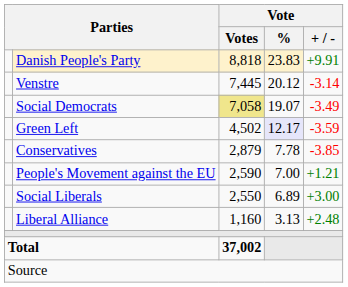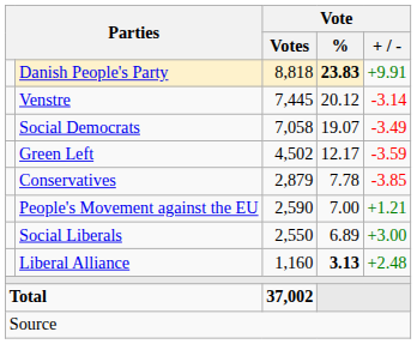 <table class="wikitable" style="text-align:right;">
 <tr>
 <th style="text-align:centre;" rowspan="2" colspan="2" width="225">Parties</th>
 <th colspan="3">Vote</th>
 </tr>
 <tr>
 <th width="15">Votes</th>
 <th width="15">%</th>
 <th width="15">+ / -</th>
 </tr>
 <tr>
 <td width="2" style="color:inherit;background:"></td>
 <td bgcolor=#fef2cc   align="left"><a href='#'>Danish People's Party</a></td>
 <td bgcolor=#fef2cc>8,818</td>
-<td bgcolor=#fef2cc>23.83</td>
+<td bgcolor=#fef2cc><strong>23.83</strong></td>
 <td style=color:green;>+9.91</td>
 </tr>
 <tr>
 <td width="2" style="color:inherit;background:"></td>
 <td align="left"><a href='#'>Venstre</a></td>
 <td>7,445</td>
 <td>20.12</td>
 <td style=color:red;>-3.14</td>
 </tr>
 <tr>
 <td width="2" style="color:inherit;background:"></td>
 <td align="left"><a href='#'>Social Democrats</a></td>
-<td style="background: khaki;">7,058</td>
+<td>7,058</td>
 <td>19.07</td>
 <td style=color:red;>-3.49</td>
 </tr>
 <tr>
 <td width="2" style="color:inherit;background:"></td>
 <td align="left"><a href='#'>Green Left</a></td>
 <td>4,502</td>
-<td style="background: lavender;">12.17</td>
+<td>12.17</td>
 <td style=color:red;>-3.59</td>
 </tr>
 <tr>
 <td width="2" style="color:inherit;background:"></td>
 <td align="left"><a href='#'>Conservatives</a></td>
 <td>2,879</td>
 <td>7.78</td>
 <td style=color:red;>-3.85</td>
 </tr>
 <tr>
 <td width="2" style="color:inherit;background:"></td>
 <td align="left"><a href='#'>People's Movement against the EU</a></td>
 <td>2,590</td>
 <td>7.00</td>
 <td style=color:green;>+1.21</td>
 </tr>
 <tr>
 <td width="2" style="color:inherit;background:"></td>
 <td align="left"><a href='#'>Social Liberals</a></td>
 <td>2,550</td>
 <td>6.89</td>
 <td style=color:green;>+3.00</td>
 </tr>
 <tr>
 <td width="2" style="color:inherit;background:"></td>
 <td align="left"><a href='#'>Liberal Alliance</a></td>
 <td>1,160</td>
-<td>3.13</td>
+<td><strong>3.13</strong></td>
 <td style=color:green;>+2.48</td>
 </tr>
 <tr>
 <td colspan="7" bgcolor="#E9E9E9"></td>
 </tr>
 <tr>
 <td align="left" colspan="2"><strong>Total</strong></td>
 <td><strong>37,002</strong></td>
 <td bgcolor="#E9E9E9" colspan="2"></td>
 </tr>
 <tr>
 <td align="left" colspan="6">Source</td>
 </tr>
 </table>
